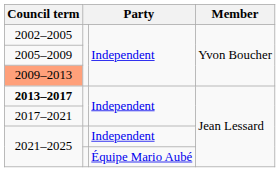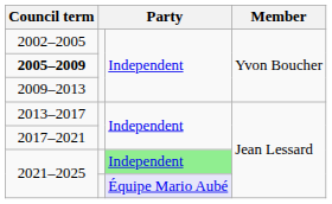 <table class="wikitable">
 <tr>
 <th>Council term</th>
 <th colspan="2">Party</th>
 <th>Member</th>
 </tr>
 <tr>
 <td align="center">2002–2005</td>
 <td rowspan="3" style="color:inherit;background-color:"></td>
 <td rowspan="3"><a href='#'>Independent</a></td>
 <td rowspan="3">Yvon Boucher</td>
 </tr>
 <tr>
-<td align="center">2005–2009</td>
+<td align="center"><strong>2005–2009</strong></td>
 </tr>
 <tr>
-<td align="center" style="background: lightsalmon;">2009–2013</td>
+<td align="center">2009–2013</td>
 </tr>
 <tr>
-<td align="center"><strong>2013–2017</strong></td>
+<td align="center">2013–2017</td>
 <td rowspan="2" style="color:inherit;background-color:"></td>
 <td rowspan="2"><a href='#'>Independent</a></td>
 <td rowspan="4">Jean Lessard</td>
 </tr>
 <tr>
 <td align="center">2017–2021</td>
 </tr>
 <tr>
 <td rowspan="2" align="center">2021–2025</td>
 <td style="color:inherit;background-color:"></td>
-<td><a href='#'>Independent</a></td>
+<td style="background: lightgreen;"><a href='#'>Independent</a></td>
 </tr>
 <tr>
 <td style="color:inherit;background-color:"></td>
-<td><a href='#'>Équipe Mario Aubé</a></td>
+<td style="background: lavender;"><a href='#'>Équipe Mario Aubé</a></td>
 </tr>
 </table>
